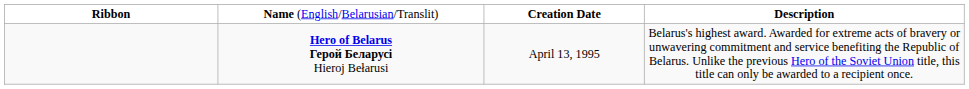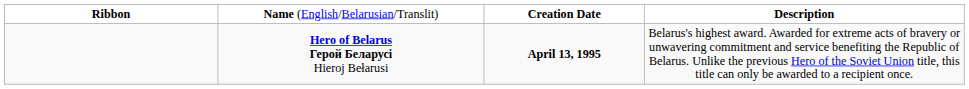 <table class="wikitable" width="100%" style="text-align:center;">
 <tr>
 <td width="20%" bgcolor="#FFFFFF"><strong>Ribbon</strong></td>
 <td width="25%" bgcolor="#FFFFFF"><strong>Name</strong> (<a href='#'>English</a>/<a href='#'>Belarusian</a>/Translit)</td>
 <td width="15%" bgcolor="#FFFFFF"><strong>Creation Date</strong></td>
 <td width="30%" bgcolor="#FFFFFF"><strong>Description</strong></td>
 </tr>
 <tr>
 <td></td>
 <td><strong><a href='#'>Hero of Belarus</a></strong><br><strong>Герой Беларусі</strong><br>Hieroj Bełarusi</td>
-<td>April 13, 1995</td>
+<td><strong>April 13, 1995</strong></td>
 <td>Belarus's highest award. Awarded for extreme acts of bravery or unwavering commitment and service benefiting the Republic of Belarus. Unlike the previous <a href='#'>Hero of the Soviet Union</a> title, this title can only be awarded to a recipient once.</td>
 </tr>
 </table>
